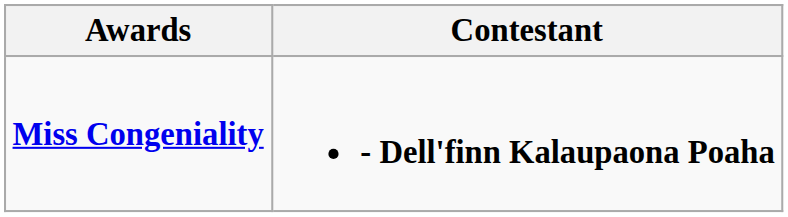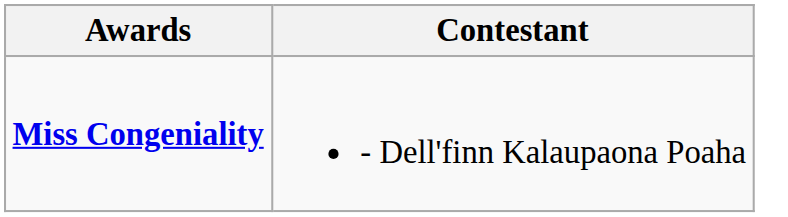 <table class="wikitable">
 <tr>
 <th>Awards</th>
 <th>Contestant</th>
 </tr>
 <tr>
 <td><strong><a href='#'>Miss Congeniality</a></strong></td>
-<td><strong><br><ul><li> - Dell'finn Kalaupaona Poaha</li></ul></strong></td>
+<td><br><ul><li> - Dell'finn Kalaupaona Poaha</li></ul></td>
 </tr>
 </table>
